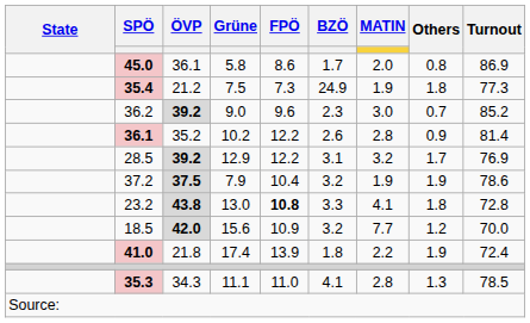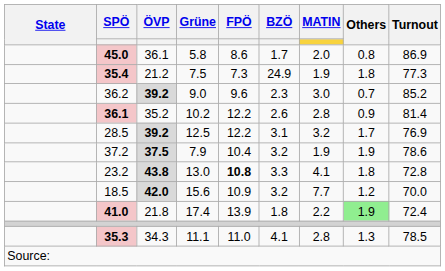 <table class="wikitable sortable" style="text-align:center;font-size:90%;line-height:16px">
 <tr style="height:40px;">
 <th style="width:100px;" rowspan="2"><a href='#'>State</a></th>
 <th style="width:40px;"><a href='#'>SPÖ</a></th>
 <th style="width:40px;"><a href='#'>ÖVP</a></th>
 <th style="width:40px;"><a href='#'>Grüne</a></th>
 <th style="width:40px;"><a href='#'>FPÖ</a></th>
 <th style="width:40px;"><a href='#'>BZÖ</a></th>
 <th style="width:40px;"><a href='#'>MATIN</a></th>
 <th class="unsortable" style="width:40px;" rowspan="2">Others</th>
 <th class="unsortable" style="width:40px;" rowspan="2">Turnout</th>
 </tr>
 <tr>
 <th style="background:"></th>
 <th style="background:"></th>
 <th style="background:"></th>
 <th style="background:"></th>
 <th style="background:"></th>
 <th style="background:#F8D33D;"></th>
 </tr>
 <tr>
 <td align=left></td>
 <td bgcolor=#F4C6C9><strong>45.0</strong></td>
 <td>36.1</td>
 <td>5.8</td>
 <td>8.6</td>
 <td>1.7</td>
 <td>2.0</td>
 <td>0.8</td>
 <td>86.9</td>
 </tr>
 <tr>
 <td align=left></td>
 <td bgcolor=#F4C6C9><strong>35.4</strong></td>
 <td>21.2</td>
 <td>7.5</td>
 <td>7.3</td>
 <td>24.9</td>
 <td>1.9</td>
 <td>1.8</td>
 <td>77.3</td>
 </tr>
 <tr>
 <td align=left></td>
 <td>36.2</td>
 <td bgcolor=#D9D9D9><strong>39.2</strong></td>
 <td>9.0</td>
 <td>9.6</td>
 <td>2.3</td>
 <td>3.0</td>
 <td>0.7</td>
 <td>85.2</td>
 </tr>
 <tr>
 <td align=left></td>
 <td bgcolor=#F4C6C9><strong>36.1</strong></td>
 <td>35.2</td>
 <td>10.2</td>
 <td>12.2</td>
 <td>2.6</td>
 <td>2.8</td>
 <td>0.9</td>
 <td>81.4</td>
 </tr>
 <tr>
 <td align=left></td>
 <td>28.5</td>
 <td bgcolor=#D9D9D9><strong>39.2</strong></td>
-<td>12.9</td>
+<td>12.5</td>
 <td>12.2</td>
 <td>3.1</td>
 <td>3.2</td>
 <td>1.7</td>
 <td>76.9</td>
 </tr>
 <tr>
 <td align=left></td>
 <td>37.2</td>
 <td bgcolor=#D9D9D9><strong>37.5</strong></td>
 <td>7.9</td>
 <td>10.4</td>
 <td>3.2</td>
 <td>1.9</td>
 <td>1.9</td>
 <td>78.6</td>
 </tr>
 <tr>
 <td align=left></td>
 <td>23.2</td>
 <td bgcolor=#D9D9D9><strong>43.8</strong></td>
 <td>13.0</td>
 <td><strong>10.8</strong></td>
 <td>3.3</td>
 <td>4.1</td>
 <td>1.8</td>
 <td>72.8</td>
 </tr>
 <tr>
 <td align=left></td>
 <td>18.5</td>
 <td bgcolor=#D9D9D9><strong>42.0</strong></td>
 <td>15.6</td>
 <td>10.9</td>
 <td>3.2</td>
 <td>7.7</td>
 <td>1.2</td>
 <td>70.0</td>
 </tr>
 <tr>
 <td align=left></td>
 <td bgcolor=#F4C6C9><strong>41.0</strong></td>
 <td>21.8</td>
 <td>17.4</td>
 <td>13.9</td>
 <td>1.8</td>
 <td>2.2</td>
-<td>1.9</td>
+<td style="background: lightgreen;">1.9</td>
 <td>72.4</td>
 </tr>
 <tr>
 <td colspan=10 bgcolor=lightgrey></td>
 </tr>
 <tr>
 <td align=left></td>
 <td bgcolor=#F4C6C9><strong>35.3</strong></td>
 <td>34.3</td>
 <td>11.1</td>
 <td>11.0</td>
 <td>4.1</td>
 <td>2.8</td>
 <td>1.3</td>
 <td>78.5</td>
 </tr>
 <tr class=sortbottom>
 <td colspan=10 align=left>Source: </td>
 </tr>
 </table>
